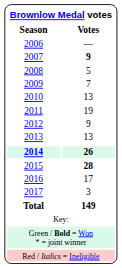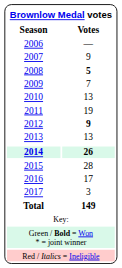 <table style="margin-right: 4px; margin-top: 8px; float: right; border: 1px #000000 solid; border-radius: 8px; background: #FFFFFF; font-family: Verdana; font-size: 8pt; text-align: center;">
 <tr style="background:#FFFFFF;">
 <td colspan=2; style="padding: 3px; margin-bottom: -3px; margin-top: 2px; font-family: Arial; background:#FFFFFF;"><strong><a href='#'>Brownlow Medal</a> votes</strong></td>
 </tr>
 <tr>
 <th width=50%>Season</th>
 <th width=50%>Votes</th>
 </tr>
 <tr>
 <td><a href='#'>2006</a></td>
 <td>—</td>
 </tr>
 <tr>
 <td><a href='#'>2007</a></td>
-<td><strong>9</strong></td>
+<td>9</td>
 </tr>
 <tr>
 <td><a href='#'>2008</a></td>
-<td>5</td>
+<td><strong>5</strong></td>
 </tr>
 <tr>
 <td><a href='#'>2009</a></td>
 <td>7</td>
 </tr>
 <tr>
 <td><a href='#'>2010</a></td>
 <td>13</td>
 </tr>
 <tr>
 <td><a href='#'>2011</a></td>
 <td>19</td>
 </tr>
 <tr>
 <td><a href='#'>2012</a></td>
-<td>9</td>
+<td><strong>9</strong></td>
 </tr>
 <tr>
 <td><a href='#'>2013</a></td>
 <td>13</td>
 </tr>
 <tr>
 </tr>
 <tr style="background:#D9F9E9;">
 <td><strong><a href='#'>2014</a></strong></td>
 <td><strong>26</strong></td>
 </tr>
 <tr>
 <td><a href='#'>2015</a></td>
-<td><strong>28</strong></td>
+<td>28</td>
 </tr>
 <tr>
 <td><a href='#'>2016</a></td>
 <td>17</td>
 </tr>
 <tr>
 <td><a href='#'>2017</a></td>
 <td>3</td>
 </tr>
 <tr>
 <td><strong>Total</strong></td>
 <td><strong>149</strong></td>
 </tr>
 <tr>
 <td colspan=2><small>Key:</small></td>
 </tr>
 <tr style="background-color:#d9f9e9; border:1px solid #aaaaaa; width:2em;">
 <td colspan=2><small>Green / <strong>Bold</strong> = <a href='#'>Won</a><br>* = joint winner</small></td>
 </tr>
 <tr style="background-color:#FFCCCC; border:1px solid #aaaaaa; width:2em;">
 <td colspan=2><small>Red / <em>Italics</em> = <a href='#'>Ineligible</a></small></td>
 </tr>
 </table>
